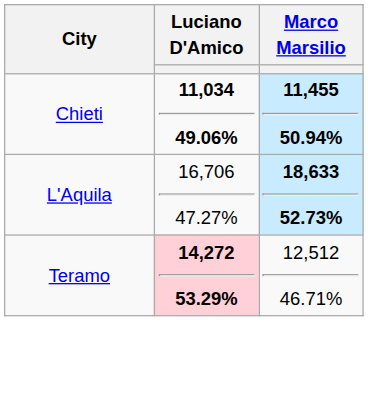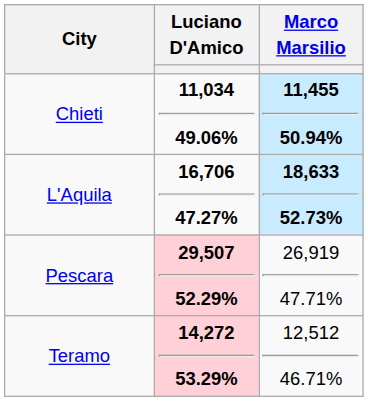 <table class="wikitable" style="text-align:center;font-size:90%;line-height:20px">
 <tr style="height:30px; background-color:#E9E9E9">
 <th style="width:110px;" rowspan="2">City</th>
 <th style="width:75px;">Luciano D'Amico</th>
 <th style="width:75px;"><a href='#'>Marco Marsilio</a></th>
 </tr>
 <tr>
 <th style="background:"></th>
 <th style="background:"></th>
 </tr>
 <tr>
 <td><a href='#'>Chieti</a></td>
 <td><strong>11,034 <hr>49.06%</strong></td>
 <td style="background:#C8EBFF"><strong>11,455 <hr>50.94%</strong></td>
 </tr>
 <tr>
 <td><a href='#'>L'Aquila</a></td>
-<td>16,706 <hr>47.27%</td>
+<td><strong>16,706 <hr>47.27%</strong></td>
 <td style="background:#C8EBFF"><strong>18,633 <hr>52.73%</strong></td>
+</tr>
+<tr>
+<td><a href='#'>Pescara</a></td>
+<td style="background:#FFD0D7"><strong>29,507 <hr>52.29%</strong></td>
+<td>26,919 <hr>47.71%</td>
 </tr>
 <tr>
 <td><a href='#'>Teramo</a></td>
 <td style="background:#FFD0D7"><strong>14,272 <hr>53.29%</strong></td>
 <td>12,512 <hr>46.71%</td>
 </tr>
 </table>
